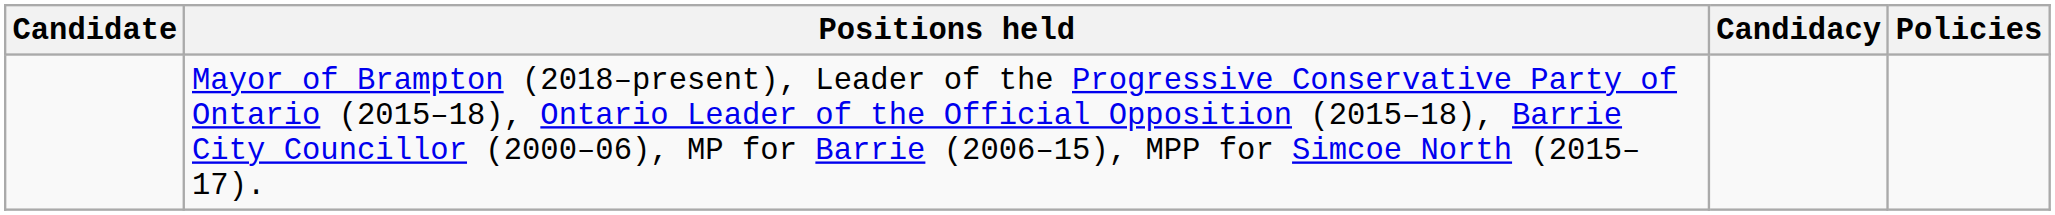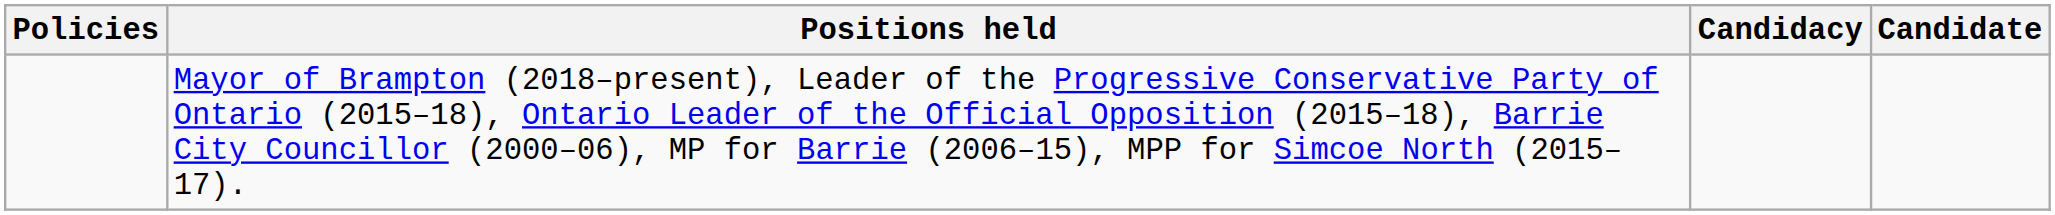 <table class="wikitable">
 <tr>
-<th>Candidate</th>
+<th>Policies</th>
 <th>Positions held</th>
 <th>Candidacy</th>
-<th>Policies</th>
+<th>Candidate</th>
 </tr>
 <tr valign="top">
-<td><br><strong></strong></td>
+<td><br></td>
 <td><a href='#'>Mayor of Brampton</a> (2018–present), Leader of the <a href='#'>Progressive Conservative Party of Ontario</a> (2015–18), <a href='#'>Ontario Leader of the Official Opposition</a> (2015–18), <a href='#'>Barrie City Councillor</a> (2000–06), MP for <a href='#'>Barrie</a> (2006–15), MPP for <a href='#'>Simcoe North</a> (2015–17).</td>
 <td><br></td>
-<td><br></td>
+<td><br><strong></strong></td>
 </tr>
 </table>
